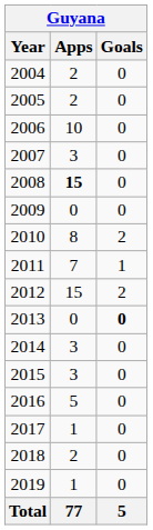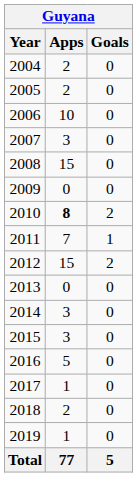 <table class="wikitable" style="text-align:center">
 <tr>
 <th colspan=3><a href='#'>Guyana</a></th>
 </tr>
 <tr>
 <th>Year</th>
 <th>Apps</th>
 <th>Goals</th>
 </tr>
 <tr>
 <td>2004</td>
 <td>2</td>
 <td>0</td>
 </tr>
 <tr>
 <td>2005</td>
 <td>2</td>
 <td>0</td>
 </tr>
 <tr>
 <td>2006</td>
 <td>10</td>
 <td>0</td>
 </tr>
 <tr>
 <td>2007</td>
 <td>3</td>
 <td>0</td>
 </tr>
 <tr>
 <td>2008</td>
-<td><strong>15</strong></td>
+<td>15</td>
 <td>0</td>
 </tr>
 <tr>
 <td>2009</td>
 <td>0</td>
 <td>0</td>
 </tr>
 <tr>
 <td>2010</td>
-<td>8</td>
+<td><strong>8</strong></td>
 <td>2</td>
 </tr>
 <tr>
 <td>2011</td>
 <td>7</td>
 <td>1</td>
 </tr>
 <tr>
 <td>2012</td>
 <td>15</td>
 <td>2</td>
 </tr>
 <tr>
 <td>2013</td>
 <td>0</td>
-<td><strong>0</strong></td>
+<td>0</td>
 </tr>
 <tr>
 <td>2014</td>
 <td>3</td>
 <td>0</td>
 </tr>
 <tr>
 <td>2015</td>
 <td>3</td>
 <td>0</td>
 </tr>
 <tr>
 <td>2016</td>
 <td>5</td>
 <td>0</td>
 </tr>
 <tr>
 <td>2017</td>
 <td>1</td>
 <td>0</td>
 </tr>
 <tr>
 <td>2018</td>
 <td>2</td>
 <td>0</td>
 </tr>
 <tr>
 <td>2019</td>
 <td>1</td>
 <td>0</td>
 </tr>
 <tr>
 <th>Total</th>
 <th>77</th>
 <th>5</th>
 </tr>
 </table>
